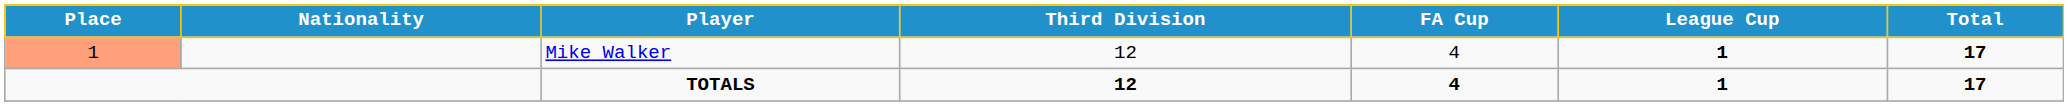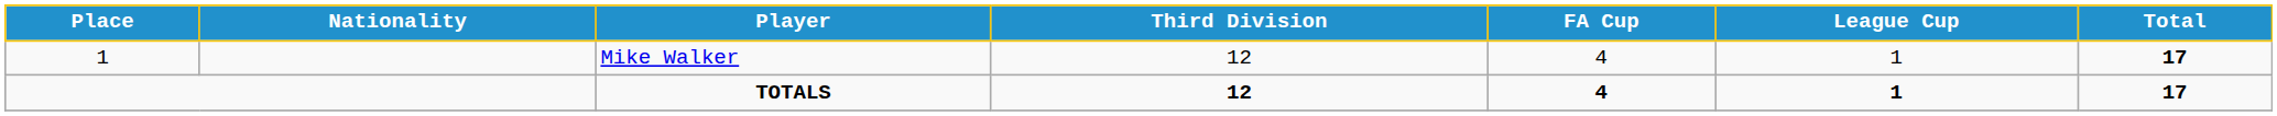 <table class="wikitable" style="text-align:center; font-size:90%; width:100%;">
 <tr>
 <th style="background:#2191CC; color:white; border:1px solid #F7C408; text-align:center;">Place</th>
 <th style="background:#2191CC; color:white; border:1px solid #F7C408; text-align:center;">Nationality</th>
 <th style="background:#2191CC; color:white; border:1px solid #F7C408; text-align:center;">Player</th>
 <th style="background:#2191CC; color:white; border:1px solid #F7C408; text-align:center;">Third Division</th>
 <th style="background:#2191CC; color:white; border:1px solid #F7C408; text-align:center;">FA Cup</th>
 <th style="background:#2191CC; color:white; border:1px solid #F7C408; text-align:center;">League Cup</th>
 <th style="background:#2191CC; color:white; border:1px solid #F7C408; text-align:center;">Total</th>
 </tr>
 <tr>
-<td style="background: lightsalmon;">1</td>
+<td>1</td>
 <td></td>
 <td align="left"><a href='#'>Mike Walker</a></td>
 <td>12</td>
 <td>4</td>
-<td><strong>1</strong></td>
+<td>1</td>
 <td><strong>17</strong></td>
 </tr>
 <tr>
 <td colspan="2"></td>
 <td><strong>TOTALS</strong></td>
 <td><strong>12</strong></td>
 <td><strong>4</strong></td>
 <td><strong>1</strong></td>
 <td><strong>17</strong></td>
 </tr>
 </table>
